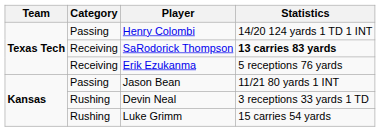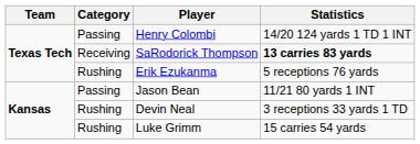 <table class="wikitable" style="float: right;">
 <tr>
 <th>Team</th>
 <th>Category</th>
 <th>Player</th>
 <th>Statistics</th>
 </tr>
 <tr>
 <td rowspan=3><strong>Texas Tech</strong></td>
 <td>Passing</td>
 <td><a href='#'>Henry Colombi</a></td>
 <td>14/20 124 yards 1 TD 1 INT</td>
 </tr>
 <tr>
 <td>Receiving</td>
 <td><a href='#'>SaRodorick Thompson</a></td>
 <td><strong>13 carries 83 yards</strong></td>
 </tr>
 <tr>
-<td>Receiving</td>
+<td>Rushing</td>
 <td><a href='#'>Erik Ezukanma</a></td>
 <td>5 receptions 76 yards</td>
 </tr>
 <tr>
 <td rowspan=3><strong>Kansas</strong></td>
 <td>Passing</td>
 <td>Jason Bean</td>
 <td>11/21 80 yards 1 INT</td>
 </tr>
 <tr>
 <td>Rushing</td>
 <td>Devin Neal</td>
 <td>3 receptions 33 yards 1 TD</td>
 </tr>
 <tr>
 <td>Rushing</td>
 <td>Luke Grimm</td>
 <td>15 carries 54 yards</td>
 </tr>
 </table>
